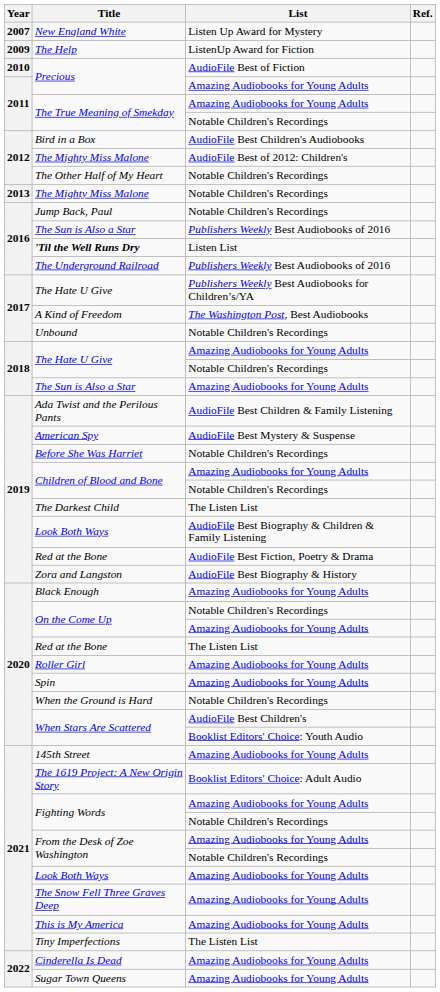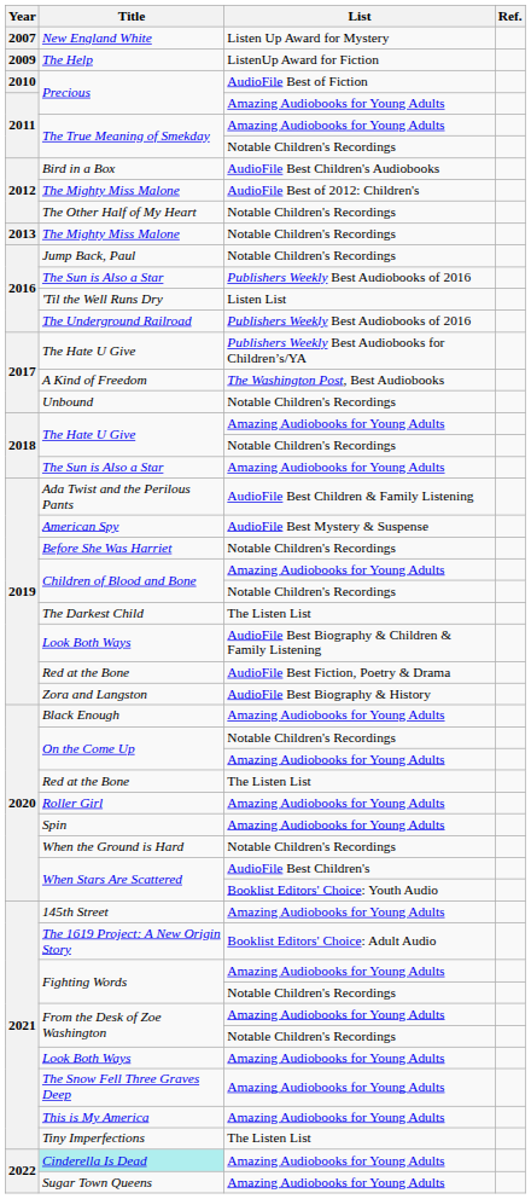 <table class="wikitable sortable mw-collapsible">
 <tr>
 <th>Year</th>
 <th>Title</th>
 <th>List</th>
 <th>Ref.</th>
 </tr>
 <tr>
 <th>2007</th>
 <td><em><a href='#'>New England White</a></em></td>
 <td>Listen Up Award for Mystery</td>
 <td></td>
 </tr>
 <tr>
 <th>2009</th>
 <td><em><a href='#'>The Help</a></em></td>
 <td>ListenUp Award for Fiction</td>
 <td></td>
 </tr>
 <tr>
 <th>2010</th>
 <td rowspan="2"><em><a href='#'>Precious</a></em></td>
 <td><a href='#'>AudioFile</a> Best of Fiction</td>
 <td></td>
 </tr>
 <tr>
 <th rowspan="3">2011</th>
 <td><a href='#'>Amazing Audiobooks for Young Adults</a></td>
 <td></td>
 </tr>
 <tr>
 <td rowspan="2"><em><a href='#'>The True Meaning of Smekday</a></em></td>
 <td><a href='#'>Amazing Audiobooks for Young Adults</a></td>
 <td></td>
 </tr>
 <tr>
 <td>Notable Children's Recordings</td>
 <td></td>
 </tr>
 <tr>
 <th rowspan="3">2012</th>
 <td><em>Bird in a Box</em></td>
 <td><a href='#'>AudioFile</a> Best Children's Audiobooks</td>
 <td></td>
 </tr>
 <tr>
 <td><em><a href='#'>The Mighty Miss Malone</a></em></td>
 <td><a href='#'>AudioFile</a> Best of 2012: Children's</td>
 <td></td>
 </tr>
 <tr>
 <td><em>The Other Half of My Heart</em></td>
 <td>Notable Children's Recordings</td>
 <td></td>
 </tr>
 <tr>
 <th>2013</th>
 <td><em><a href='#'>The Mighty Miss Malone</a></em></td>
 <td>Notable Children's Recordings</td>
 <td></td>
 </tr>
 <tr>
 <th rowspan="4">2016</th>
 <td><em>Jump Back, Paul</em></td>
 <td>Notable Children's Recordings</td>
 <td></td>
 </tr>
 <tr>
 <td><em><a href='#'>The Sun is Also a Star</a></em></td>
 <td><em><a href='#'>Publishers Weekly</a></em> Best Audiobooks of 2016</td>
 <td></td>
 </tr>
 <tr>
-<td><strong><em>'Til the Well Runs Dry</em></strong></td>
+<td><em>'Til the Well Runs Dry</em></td>
 <td>Listen List</td>
 <td></td>
 </tr>
 <tr>
 <td><em><a href='#'>The Underground Railroad</a></em></td>
 <td><em><a href='#'>Publishers Weekly</a></em> Best Audiobooks of 2016</td>
 <td></td>
 </tr>
 <tr>
 <th rowspan="3">2017</th>
 <td><em>The Hate U Give</em></td>
 <td><em><a href='#'>Publishers Weekly</a></em> Best Audiobooks for Children’s/YA</td>
 <td></td>
 </tr>
 <tr>
 <td><em>A Kind of Freedom</em></td>
 <td><em><a href='#'>The Washington Post</a></em>, Best Audiobooks</td>
 <td></td>
 </tr>
 <tr>
 <td><em>Unbound</em></td>
 <td>Notable Children's Recordings</td>
 <td></td>
 </tr>
 <tr>
 <th rowspan="3">2018</th>
 <td rowspan="2"><em><a href='#'>The Hate U Give</a></em></td>
 <td><a href='#'>Amazing Audiobooks for Young Adults</a></td>
 <td></td>
 </tr>
 <tr>
 <td>Notable Children's Recordings</td>
 <td></td>
 </tr>
 <tr>
 <td><em><a href='#'>The Sun is Also a Star</a></em></td>
 <td><a href='#'>Amazing Audiobooks for Young Adults</a></td>
 <td></td>
 </tr>
 <tr>
 <th rowspan="9">2019</th>
 <td><em>Ada Twist and the Perilous Pants</em></td>
 <td><a href='#'>AudioFile</a> Best Children & Family Listening</td>
 <td></td>
 </tr>
 <tr>
 <td><em><a href='#'>American Spy</a></em></td>
 <td><a href='#'>AudioFile</a> Best Mystery & Suspense</td>
 <td></td>
 </tr>
 <tr>
 <td><em><a href='#'>Before She Was Harriet</a></em></td>
 <td>Notable Children's Recordings</td>
 <td></td>
 </tr>
 <tr>
 <td rowspan="2"><em><a href='#'>Children of Blood and Bone</a></em></td>
 <td><a href='#'>Amazing Audiobooks for Young Adults</a></td>
 <td></td>
 </tr>
 <tr>
 <td>Notable Children's Recordings</td>
 <td></td>
 </tr>
 <tr>
 <td><em>The Darkest Child</em></td>
 <td>The Listen List</td>
 <td></td>
 </tr>
 <tr>
 <td><em><a href='#'>Look Both Ways</a></em></td>
 <td><a href='#'>AudioFile</a> Best Biography & Children & Family Listening</td>
 <td></td>
 </tr>
 <tr>
 <td><em>Red at the Bone</em></td>
 <td><a href='#'>AudioFile</a> Best Fiction, Poetry & Drama</td>
 <td></td>
 </tr>
 <tr>
 <td><em>Zora and Langston</em></td>
 <td><a href='#'>AudioFile</a> Best Biography & History</td>
 <td></td>
 </tr>
 <tr>
 <th rowspan="9">2020</th>
 <td><em>Black Enough</em></td>
 <td><a href='#'>Amazing Audiobooks for Young Adults</a></td>
 <td></td>
 </tr>
 <tr>
 <td rowspan="2"><em><a href='#'>On the Come Up</a></em></td>
 <td>Notable Children's Recordings</td>
 <td></td>
 </tr>
 <tr>
 <td><a href='#'>Amazing Audiobooks for Young Adults</a></td>
 <td></td>
 </tr>
 <tr>
 <td><em>Red at the Bone</em></td>
 <td>The Listen List</td>
 <td></td>
 </tr>
 <tr>
 <td><em><a href='#'>Roller Girl</a></em></td>
 <td><a href='#'>Amazing Audiobooks for Young Adults</a></td>
 <td></td>
 </tr>
 <tr>
 <td><em>Spin</em></td>
 <td><a href='#'>Amazing Audiobooks for Young Adults</a></td>
 <td></td>
 </tr>
 <tr>
 <td><em>When the Ground is Hard</em></td>
 <td>Notable Children's Recordings</td>
 <td></td>
 </tr>
 <tr>
 <td rowspan="2"><em><a href='#'>When Stars Are Scattered</a></em></td>
 <td><a href='#'>AudioFile</a> Best Children's</td>
 <td></td>
 </tr>
 <tr>
 <td><a href='#'>Booklist Editors' Choice</a>: Youth Audio</td>
 <td></td>
 </tr>
 <tr>
 <th rowspan="10">2021</th>
 <td><em>145th Street</em></td>
 <td><a href='#'>Amazing Audiobooks for Young Adults</a></td>
 <td></td>
 </tr>
 <tr>
 <td><em><a href='#'>The 1619 Project: A New Origin Story</a></em></td>
 <td><a href='#'>Booklist Editors' Choice</a>: Adult Audio</td>
 <td></td>
 </tr>
 <tr>
 <td rowspan="2"><em>Fighting Words</em></td>
 <td><a href='#'>Amazing Audiobooks for Young Adults</a></td>
 <td></td>
 </tr>
 <tr>
 <td>Notable Children's Recordings</td>
 <td></td>
 </tr>
 <tr>
 <td rowspan="2"><em>From the Desk of Zoe Washington</em></td>
 <td><a href='#'>Amazing Audiobooks for Young Adults</a></td>
 <td></td>
 </tr>
 <tr>
 <td>Notable Children's Recordings</td>
 <td></td>
 </tr>
 <tr>
 <td><em><a href='#'>Look Both Ways</a></em></td>
 <td><a href='#'>Amazing Audiobooks for Young Adults</a></td>
 <td></td>
 </tr>
 <tr>
 <td><em><a href='#'>The Snow Fell Three Graves Deep</a></em></td>
 <td><a href='#'>Amazing Audiobooks for Young Adults</a></td>
 <td></td>
 </tr>
 <tr>
 <td><em><a href='#'>This is My America</a></em></td>
 <td><a href='#'>Amazing Audiobooks for Young Adults</a></td>
 <td></td>
 </tr>
 <tr>
 <td><em>Tiny Imperfections</em></td>
 <td>The Listen List</td>
 <td></td>
 </tr>
 <tr>
 <th rowspan="2">2022</th>
-<td><em><a href='#'>Cinderella Is Dead</a></em></td>
+<td style="background: paleturquoise;"><em><a href='#'>Cinderella Is Dead</a></em></td>
 <td><a href='#'>Amazing Audiobooks for Young Adults</a></td>
 <td></td>
 </tr>
 <tr>
 <td><em>Sugar Town Queens</em></td>
 <td><a href='#'>Amazing Audiobooks for Young Adults</a></td>
 <td></td>
 </tr>
 </table>
